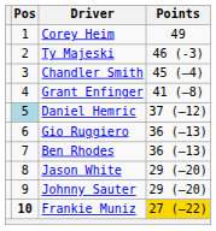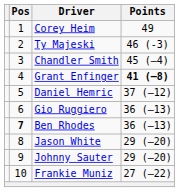 <table class="wikitable" style="font-size: 95%;">
 <tr>
 <th></th>
 <th>Pos</th>
 <th>Driver</th>
 <th>Points</th>
 </tr>
 <tr>
 <td align="left"></td>
 <td style="text-align:center;">1</td>
 <td><a href='#'>Corey Heim</a></td>
 <td style="text-align:center;">49</td>
 </tr>
 <tr>
 <td align="left"></td>
 <td style="text-align:center;">2</td>
 <td><a href='#'>Ty Majeski</a></td>
 <td style="text-align:center;">46 (-3)</td>
 </tr>
 <tr>
 <td align="left"></td>
 <td style="text-align:center;">3</td>
 <td><a href='#'>Chandler Smith</a></td>
 <td style="text-align:center;">45 (–4)</td>
 </tr>
 <tr>
 <td align="left"></td>
 <td style="text-align:center;">4</td>
 <td><a href='#'>Grant Enfinger</a></td>
-<td style="text-align:center;">41 (–8)</td>
+<td style="text-align:center;"><strong>41 (–8)</strong></td>
 </tr>
 <tr>
 <td align="left"></td>
-<td style="background: lightblue; text-align:center;">5</td>
+<td style="text-align:center;">5</td>
 <td><a href='#'>Daniel Hemric</a></td>
 <td style="text-align:center;">37 (–12)</td>
 </tr>
 <tr>
 <td align="left"></td>
 <td style="text-align:center;">6</td>
 <td><a href='#'>Gio Ruggiero</a></td>
 <td style="text-align:center;">36 (–13)</td>
 </tr>
 <tr>
 <td align="left"></td>
-<td style="text-align:center;">7</td>
+<td style="text-align:center;"><strong>7</strong></td>
 <td><a href='#'>Ben Rhodes</a></td>
 <td style="text-align:center;">36 (–13)</td>
 </tr>
 <tr>
 <td align="left"></td>
 <td style="text-align:center;">8</td>
 <td><a href='#'>Jason White</a></td>
 <td style="text-align:center;">29 (–20)</td>
 </tr>
 <tr>
 <td align="left"></td>
 <td style="text-align:center;">9</td>
 <td><a href='#'>Johnny Sauter</a></td>
 <td style="text-align:center;">29 (–20)</td>
 </tr>
 <tr>
 <td align="left"></td>
-<td style="text-align:center;"><strong>10</strong></td>
+<td style="text-align:center;">10</td>
 <td><a href='#'>Frankie Muniz</a></td>
-<td style="background: gold; text-align:center;">27 (–22)</td>
+<td style="text-align:center;">27 (–22)</td>
 </tr>
 <tr class="sortbottom">
 <th colspan="9"></th>
 </tr>
 </table>
